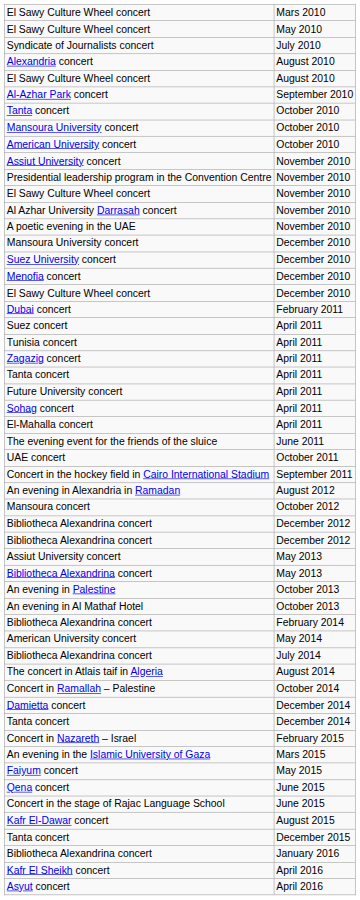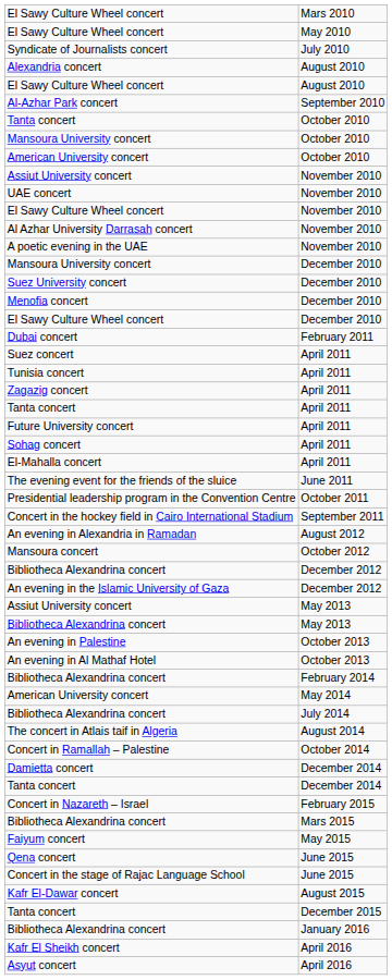 <table class="wikitable">
 <tr>
 <td>El Sawy Culture Wheel concert</td>
 <td>Mars 2010</td>
 </tr>
 <tr>
 <td>El Sawy Culture Wheel concert</td>
 <td>May 2010</td>
 </tr>
 <tr>
 <td>Syndicate of Journalists concert</td>
 <td>July 2010</td>
 </tr>
 <tr>
 <td><a href='#'>Alexandria</a> concert</td>
 <td>August 2010</td>
 </tr>
 <tr>
 <td>El Sawy Culture Wheel concert</td>
 <td>August 2010</td>
 </tr>
 <tr>
 <td><a href='#'>Al-Azhar Park</a> concert</td>
 <td>September 2010</td>
 </tr>
 <tr>
 <td><a href='#'>Tanta</a> concert</td>
 <td>October 2010</td>
 </tr>
 <tr>
 <td><a href='#'>Mansoura University</a> concert</td>
 <td>October 2010</td>
 </tr>
 <tr>
 <td><a href='#'>American University</a> concert</td>
 <td>October 2010</td>
 </tr>
 <tr>
 <td><a href='#'>Assiut University</a> concert</td>
 <td>November 2010</td>
 </tr>
 <tr>
-<td>Presidential leadership program in the Convention Centre</td>
+<td>UAE concert</td>
 <td>November 2010</td>
 </tr>
 <tr>
 <td>El Sawy Culture Wheel concert</td>
 <td>November 2010</td>
 </tr>
 <tr>
 <td>Al Azhar University <a href='#'>Darrasah</a> concert</td>
 <td>November 2010</td>
 </tr>
 <tr>
 <td>A poetic evening in the UAE</td>
 <td>November 2010</td>
 </tr>
 <tr>
 <td>Mansoura University concert</td>
 <td>December 2010</td>
 </tr>
 <tr>
 <td><a href='#'>Suez University</a> concert</td>
 <td>December 2010</td>
 </tr>
 <tr>
 <td><a href='#'>Menofia</a> concert</td>
 <td>December 2010</td>
 </tr>
 <tr>
 <td>El Sawy Culture Wheel concert</td>
 <td>December 2010</td>
 </tr>
 <tr>
 <td><a href='#'>Dubai</a> concert</td>
 <td>February 2011</td>
 </tr>
 <tr>
 <td>Suez concert</td>
 <td>April 2011</td>
 </tr>
 <tr>
 <td>Tunisia concert</td>
 <td>April 2011</td>
 </tr>
 <tr>
 <td><a href='#'>Zagazig</a> concert</td>
 <td>April 2011</td>
 </tr>
 <tr>
 <td>Tanta concert</td>
 <td>April 2011</td>
 </tr>
 <tr>
 <td>Future University concert</td>
 <td>April 2011</td>
 </tr>
 <tr>
 <td><a href='#'>Sohag</a> concert</td>
 <td>April 2011</td>
 </tr>
 <tr>
 <td>El-Mahalla concert</td>
 <td>April 2011</td>
 </tr>
 <tr>
 <td>The evening event for the friends of the sluice</td>
 <td>June 2011</td>
 </tr>
 <tr>
-<td>UAE concert</td>
+<td>Presidential leadership program in the Convention Centre</td>
 <td>October 2011</td>
 </tr>
 <tr>
 <td>Concert in the hockey field in <a href='#'>Cairo International Stadium</a></td>
 <td>September 2011</td>
 </tr>
 <tr>
 <td>An evening in Alexandria in <a href='#'>Ramadan</a></td>
 <td>August 2012</td>
 </tr>
 <tr>
 <td>Mansoura concert</td>
 <td>October 2012</td>
 </tr>
 <tr>
 <td>Bibliotheca Alexandrina concert</td>
 <td>December 2012</td>
 </tr>
 <tr>
-<td>Bibliotheca Alexandrina concert</td>
+<td>An evening in the <a href='#'>Islamic University of Gaza</a></td>
 <td>December 2012</td>
 </tr>
 <tr>
 <td>Assiut University concert</td>
 <td>May 2013</td>
 </tr>
 <tr>
 <td><a href='#'>Bibliotheca Alexandrina</a> concert</td>
 <td>May 2013</td>
 </tr>
 <tr>
 <td>An evening in <a href='#'>Palestine</a></td>
 <td>October 2013</td>
 </tr>
 <tr>
 <td>An evening in Al Mathaf Hotel</td>
 <td>October 2013</td>
 </tr>
 <tr>
 <td>Bibliotheca Alexandrina concert</td>
 <td>February 2014</td>
 </tr>
 <tr>
 <td>American University concert</td>
 <td>May 2014</td>
 </tr>
 <tr>
 <td>Bibliotheca Alexandrina concert</td>
 <td>July 2014</td>
 </tr>
 <tr>
 <td>The concert in Atlais taif in <a href='#'>Algeria</a></td>
 <td>August 2014</td>
 </tr>
 <tr>
 <td>Concert in <a href='#'>Ramallah</a> – Palestine</td>
 <td>October 2014</td>
 </tr>
 <tr>
 <td><a href='#'>Damietta</a> concert</td>
 <td>December 2014</td>
 </tr>
 <tr>
 <td>Tanta concert</td>
 <td>December 2014</td>
 </tr>
 <tr>
 <td>Concert in <a href='#'>Nazareth</a> – Israel</td>
 <td>February 2015</td>
 </tr>
 <tr>
-<td>An evening in the <a href='#'>Islamic University of Gaza</a></td>
+<td>Bibliotheca Alexandrina concert</td>
 <td>Mars 2015</td>
 </tr>
 <tr>
 <td><a href='#'>Faiyum</a> concert</td>
 <td>May 2015</td>
 </tr>
 <tr>
 <td><a href='#'>Qena</a> concert</td>
 <td>June 2015</td>
 </tr>
 <tr>
 <td>Concert in the stage of Rajac Language School</td>
 <td>June 2015</td>
 </tr>
 <tr>
 <td><a href='#'>Kafr El-Dawar</a> concert</td>
 <td>August 2015</td>
 </tr>
 <tr>
 <td>Tanta concert</td>
 <td>December 2015</td>
 </tr>
 <tr>
 <td>Bibliotheca Alexandrina concert</td>
 <td>January 2016</td>
 </tr>
 <tr>
 <td><a href='#'>Kafr El Sheikh</a> concert</td>
 <td>April 2016</td>
 </tr>
 <tr>
 <td><a href='#'>Asyut</a> concert</td>
 <td>April 2016</td>
 </tr>
 </table>
